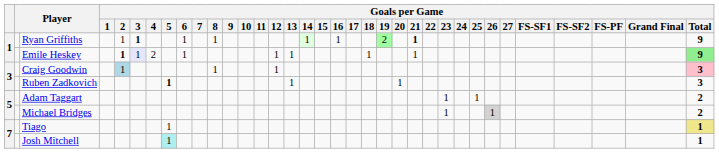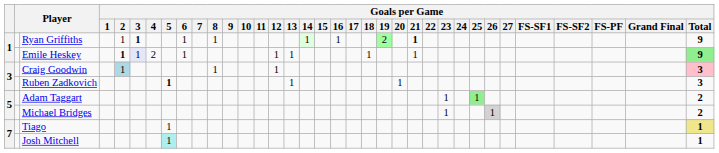 <table class="wikitable" style="text-align:center; line-height: 90%; font-size:90%;">
 <tr>
 <th rowspan=2></th>
 <th rowspan=2 colspan=2>Player</th>
 <th colspan="32">Goals per Game</th>
 </tr>
 <tr>
 <th> 1 </th>
 <th> 2 </th>
 <th> 3 </th>
 <th> 4 </th>
 <th> 5 </th>
 <th> 6 </th>
 <th> 7 </th>
 <th> 8 </th>
 <th> 9 </th>
 <th>10</th>
 <th>11</th>
 <th>12</th>
 <th>13</th>
 <th>14</th>
 <th>15</th>
 <th>16</th>
 <th>17</th>
 <th>18</th>
 <th>19</th>
 <th>20</th>
 <th>21</th>
 <th>22</th>
 <th>23</th>
 <th>24</th>
 <th>25</th>
 <th>26</th>
 <th>27</th>
 <th>FS-SF1</th>
 <th>FS-SF2</th>
 <th>FS-PF</th>
 <th>Grand Final</th>
 <th>Total</th>
 </tr>
 <tr>
 <th rowspan=2>1</th>
 <td></td>
 <td style="text-align:left;"><a href='#'>Ryan Griffiths</a></td>
 <td></td>
 <td>1</td>
 <td><strong>1</strong></td>
 <td></td>
 <td></td>
 <td>1</td>
 <td></td>
 <td>1</td>
 <td></td>
 <td></td>
 <td></td>
 <td></td>
 <td></td>
 <td style=background:#e0ffe0>1</td>
 <td></td>
 <td>1</td>
 <td></td>
 <td></td>
 <td style=background:#a0ffa0>2</td>
 <td></td>
 <td><strong>1</strong></td>
 <td></td>
 <td></td>
 <td></td>
 <td></td>
 <td></td>
 <td></td>
 <td></td>
 <td></td>
 <td></td>
 <td></td>
 <td><strong>9</strong></td>
 </tr>
 <tr>
 <td></td>
 <td style="text-align:left;"><a href='#'>Emile Heskey</a></td>
 <td></td>
 <td><strong>1</strong></td>
 <td style="background: lavender;">1</td>
 <td>2</td>
 <td></td>
 <td>1</td>
 <td></td>
 <td></td>
 <td></td>
 <td></td>
 <td></td>
 <td>1</td>
 <td>1</td>
 <td></td>
 <td></td>
 <td></td>
 <td></td>
 <td>1</td>
 <td></td>
 <td></td>
 <td>1</td>
 <td></td>
 <td></td>
 <td></td>
 <td></td>
 <td></td>
 <td></td>
 <td></td>
 <td></td>
 <td></td>
 <td></td>
 <td style="background: lightgreen;"><strong>9</strong></td>
 </tr>
 <tr>
 <th rowspan=2>3</th>
 <td></td>
 <td style="text-align:left;"><a href='#'>Craig Goodwin</a></td>
 <td></td>
 <td style="background: lightblue;">1</td>
 <td></td>
 <td></td>
 <td></td>
 <td></td>
 <td></td>
 <td>1</td>
 <td></td>
 <td></td>
 <td></td>
 <td>1</td>
 <td></td>
 <td></td>
 <td></td>
 <td></td>
 <td></td>
 <td></td>
 <td></td>
 <td></td>
 <td></td>
 <td></td>
 <td></td>
 <td></td>
 <td></td>
 <td></td>
 <td></td>
 <td></td>
 <td></td>
 <td></td>
 <td></td>
 <td style="background: pink;"><strong>3</strong></td>
 </tr>
 <tr>
 <td></td>
 <td style="text-align:left;"><a href='#'>Ruben Zadkovich</a></td>
 <td></td>
 <td></td>
 <td></td>
 <td></td>
 <td><strong>1</strong></td>
 <td></td>
 <td></td>
 <td></td>
 <td></td>
 <td></td>
 <td></td>
 <td></td>
 <td>1</td>
 <td></td>
 <td></td>
 <td></td>
 <td></td>
 <td></td>
 <td></td>
 <td>1</td>
 <td></td>
 <td></td>
 <td></td>
 <td></td>
 <td></td>
 <td></td>
 <td></td>
 <td></td>
 <td></td>
 <td></td>
 <td></td>
 <td><strong>3</strong></td>
 </tr>
 <tr>
 <th rowspan=2>5</th>
 <td></td>
 <td style="text-align:left;"><a href='#'>Adam Taggart</a></td>
 <td></td>
 <td></td>
 <td></td>
 <td></td>
 <td></td>
 <td></td>
 <td></td>
 <td></td>
 <td></td>
 <td></td>
 <td></td>
 <td></td>
 <td></td>
 <td></td>
 <td></td>
 <td></td>
 <td></td>
 <td></td>
 <td></td>
 <td></td>
 <td></td>
 <td></td>
 <td>1</td>
 <td></td>
-<td>1</td>
+<td style="background: lightgreen;">1</td>
 <td></td>
 <td></td>
 <td></td>
 <td></td>
 <td></td>
 <td></td>
 <td><strong>2</strong></td>
 </tr>
 <tr>
 <td></td>
 <td style="text-align:left;"><a href='#'>Michael Bridges</a></td>
 <td></td>
 <td></td>
 <td></td>
 <td></td>
 <td></td>
 <td></td>
 <td></td>
 <td></td>
 <td></td>
 <td></td>
 <td></td>
 <td></td>
 <td></td>
 <td></td>
 <td></td>
 <td></td>
 <td></td>
 <td></td>
 <td></td>
 <td></td>
 <td></td>
 <td></td>
 <td>1</td>
 <td></td>
 <td></td>
 <td style="background: lightgrey;">1</td>
 <td></td>
 <td></td>
 <td></td>
 <td></td>
 <td></td>
 <td><strong>2</strong></td>
 </tr>
 <tr>
 <th rowspan=2>7</th>
 <td></td>
 <td style="text-align:left;"><a href='#'>Tiago</a></td>
 <td></td>
 <td></td>
 <td></td>
 <td></td>
 <td>1</td>
 <td></td>
 <td></td>
 <td></td>
 <td></td>
 <td></td>
 <td></td>
 <td></td>
 <td></td>
 <td></td>
 <td></td>
 <td></td>
 <td></td>
 <td></td>
 <td></td>
 <td></td>
 <td></td>
 <td></td>
 <td></td>
 <td></td>
 <td></td>
 <td></td>
 <td></td>
 <td></td>
 <td></td>
 <td></td>
 <td></td>
 <td style="background: khaki;"><strong>1</strong></td>
 </tr>
 <tr>
 <td></td>
 <td style="text-align:left;"><a href='#'>Josh Mitchell</a></td>
 <td></td>
 <td></td>
 <td></td>
 <td></td>
 <td style="background: paleturquoise;">1</td>
 <td></td>
 <td></td>
 <td></td>
 <td></td>
 <td></td>
 <td></td>
 <td></td>
 <td></td>
 <td></td>
 <td></td>
 <td></td>
 <td></td>
 <td></td>
 <td></td>
 <td></td>
 <td></td>
 <td></td>
 <td></td>
 <td></td>
 <td></td>
 <td></td>
 <td></td>
 <td></td>
 <td></td>
 <td></td>
 <td></td>
 <td><strong>1</strong></td>
 </tr>
 </table>
